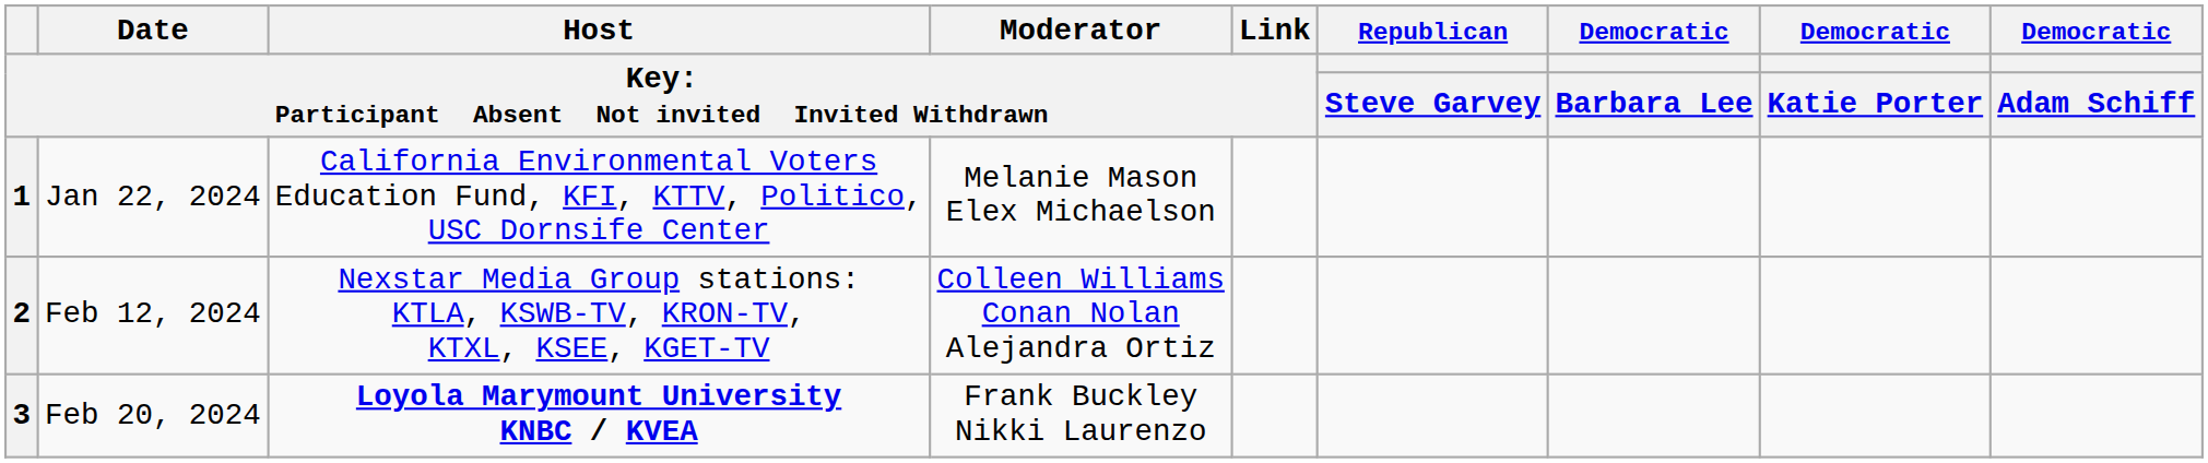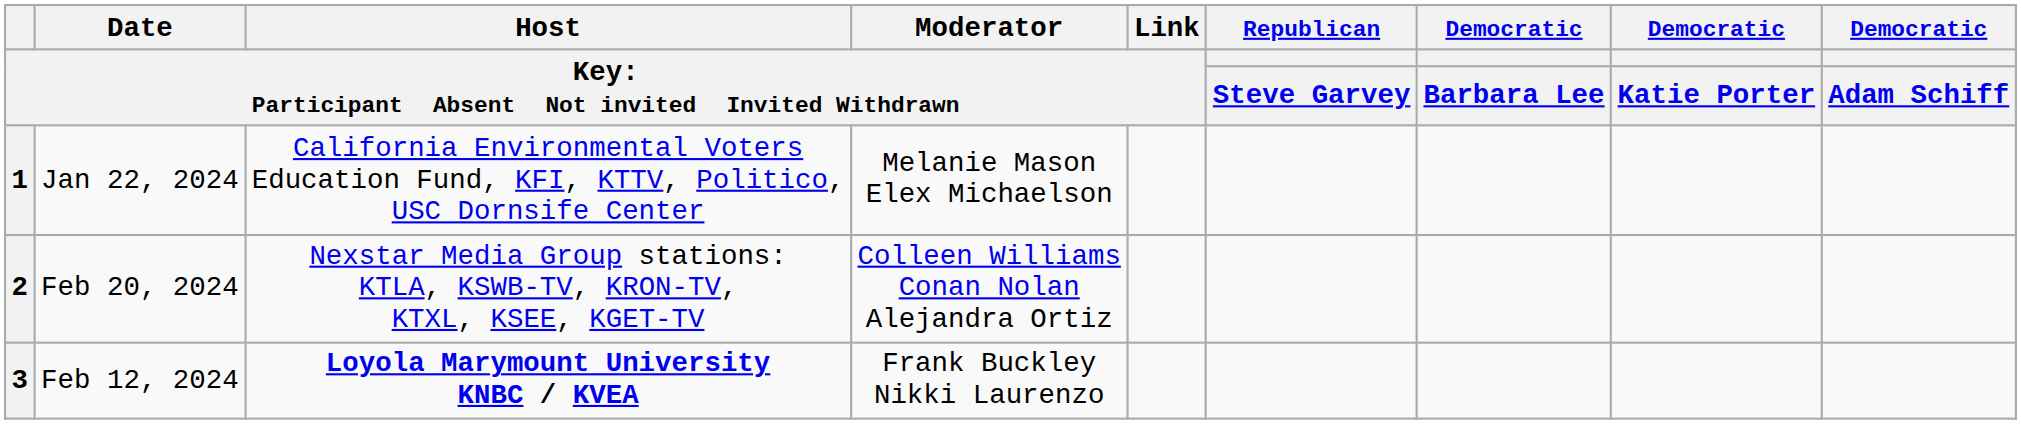 <table class="wikitable" style="text-align:center;">
 <tr>
 <th scope="col"></th>
 <th scope="col">Date</th>
 <th scope="col">Host</th>
 <th scope="col">Moderator</th>
 <th scope="col">Link</th>
 <th scope="col"><small><a href='#'>Republican</a></small></th>
 <th scope="col"><small><a href='#'>Democratic</a></small></th>
 <th scope="col"><small><a href='#'>Democratic</a></small></th>
 <th scope="col"><small><a href='#'>Democratic</a></small></th>
 </tr>
 <tr>
 <th colspan="5" rowspan="2">Key:<br> <small>Participant </small>  <small>Absent </small>  <small>Not invited </small>  <small>Invited  Withdrawn</small></th>
 <th scope="col" style="background:"></th>
 <th scope="col" style="background:"></th>
 <th scope="col" style="background:"></th>
 <th scope="col" style="background:"></th>
 </tr>
 <tr>
 <th scope="col"><a href='#'>Steve Garvey</a></th>
 <th scope="col"><a href='#'>Barbara Lee</a></th>
 <th scope="col"><a href='#'>Katie Porter</a></th>
 <th scope="col"><a href='#'>Adam Schiff</a></th>
 </tr>
 <tr>
 <th>1</th>
 <td style="white-space:nowrap;">Jan 22, 2024</td>
 <td style="white-space:nowrap;"><a href='#'>California Environmental Voters</a><br>Education Fund, <a href='#'>KFI</a>, <a href='#'>KTTV</a>, <a href='#'>Politico</a>, <br><a href='#'>USC Dornsife Center</a></td>
 <td style="white-space:nowrap;">Melanie Mason<br>Elex Michaelson</td>
 <td style="white-space:nowrap;"></td>
 <td></td>
 <td></td>
 <td></td>
 <td></td>
 </tr>
 <tr>
 <th>2</th>
-<td>Feb 12, 2024</td>
+<td>Feb 20, 2024</td>
 <td><a href='#'>Nexstar Media Group</a> stations:<br><a href='#'>KTLA</a>, <a href='#'>KSWB-TV</a>, <a href='#'>KRON-TV</a>,<br><a href='#'>KTXL</a>, <a href='#'>KSEE</a>, <a href='#'>KGET-TV</a></td>
 <td><a href='#'>Colleen Williams</a><br><a href='#'>Conan Nolan</a><br>Alejandra Ortiz</td>
 <td style="white-space:nowrap;"></td>
 <td></td>
 <td></td>
 <td></td>
 <td></td>
 </tr>
 <tr>
 <th>3</th>
-<td>Feb 20, 2024</td>
+<td>Feb 12, 2024</td>
 <td><strong><a href='#'>Loyola Marymount University</a><br><a href='#'>KNBC</a> / <a href='#'>KVEA</a></strong></td>
 <td>Frank Buckley<br>Nikki Laurenzo</td>
 <td></td>
 <td></td>
 <td></td>
 <td></td>
 <td></td>
 </tr>
 </table>
